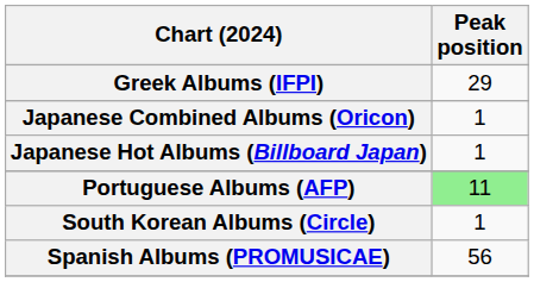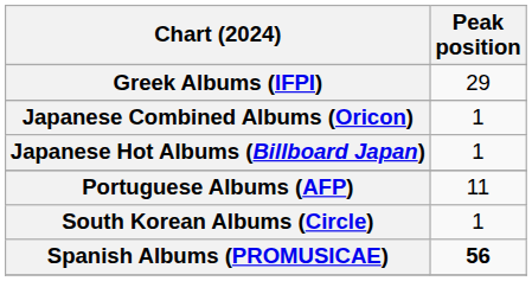 <table class="wikitable sortable plainrowheaders" style="text-align:center">
 <tr>
 <th scope="col">Chart (2024)</th>
 <th scope="col">Peak<br>position</th>
 </tr>
 <tr>
 </tr>
 <tr>
 </tr>
 <tr>
 </tr>
 <tr>
 </tr>
 <tr>
 </tr>
 <tr>
 <th scope="row">Greek Albums (<a href='#'>IFPI</a>)</th>
 <td>29</td>
 </tr>
 <tr>
 </tr>
 <tr>
 </tr>
 <tr>
 <th scope="row">Japanese Combined Albums (<a href='#'>Oricon</a>)</th>
 <td>1</td>
 </tr>
 <tr>
 <th scope="row">Japanese Hot Albums (<em><a href='#'>Billboard Japan</a></em>)</th>
 <td>1</td>
 </tr>
 <tr>
 </tr>
 <tr>
 <th scope="row">Portuguese Albums (<a href='#'>AFP</a>)</th>
-<td style="background: lightgreen;">11</td>
+<td>11</td>
 </tr>
 <tr>
 <th scope="row">South Korean Albums (<a href='#'>Circle</a>)</th>
 <td>1</td>
 </tr>
 <tr>
 <th scope="row">Spanish Albums (<a href='#'>PROMUSICAE</a>)</th>
-<td>56</td>
+<td><strong>56</strong></td>
 </tr>
 <tr>
 </tr>
 <tr>
 </tr>
 <tr>
 </tr>
 <tr>
 </tr>
 </table>
